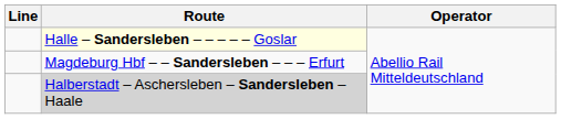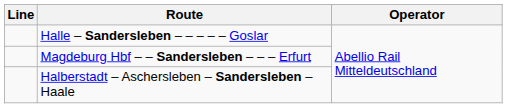 <table class="wikitable">
 <tr>
 <th>Line</th>
 <th>Route</th>
 <th>Operator</th>
 </tr>
 <tr>
 <td style="text-align:center"></td>
-<td style="background: lightyellow;"><a href='#'>Halle</a> – <strong>Sandersleben</strong> –  –  –  –  – <a href='#'>Goslar</a></td>
+<td><a href='#'>Halle</a> – <strong>Sandersleben</strong> –  –  –  –  – <a href='#'>Goslar</a></td>
 <td rowspan="3"><a href='#'>Abellio Rail Mitteldeutschland</a></td>
 </tr>
 <tr>
 <td style="text-align:center"></td>
 <td><a href='#'>Magdeburg Hbf</a> –  – <strong>Sandersleben</strong> –  –  – <a href='#'>Erfurt</a></td>
 </tr>
 <tr>
 <td style="text-align:center"></td>
-<td style="background: lightgrey;"><a href='#'>Halberstadt</a> – Aschersleben – <strong>Sandersleben</strong> – Haale</td>
+<td><a href='#'>Halberstadt</a> – Aschersleben – <strong>Sandersleben</strong> – Haale</td>
 </tr>
 </table>
